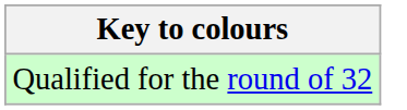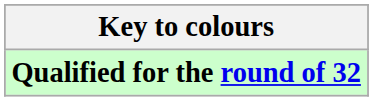 <table class="wikitable">
 <tr>
 <th>Key to colours</th>
 </tr>
 <tr style="background:#cfc;">
-<td>Qualified for the <a href='#'>round of 32</a></td>
+<td><strong>Qualified for the <a href='#'>round of 32</a></strong></td>
 </tr>
 </table>
